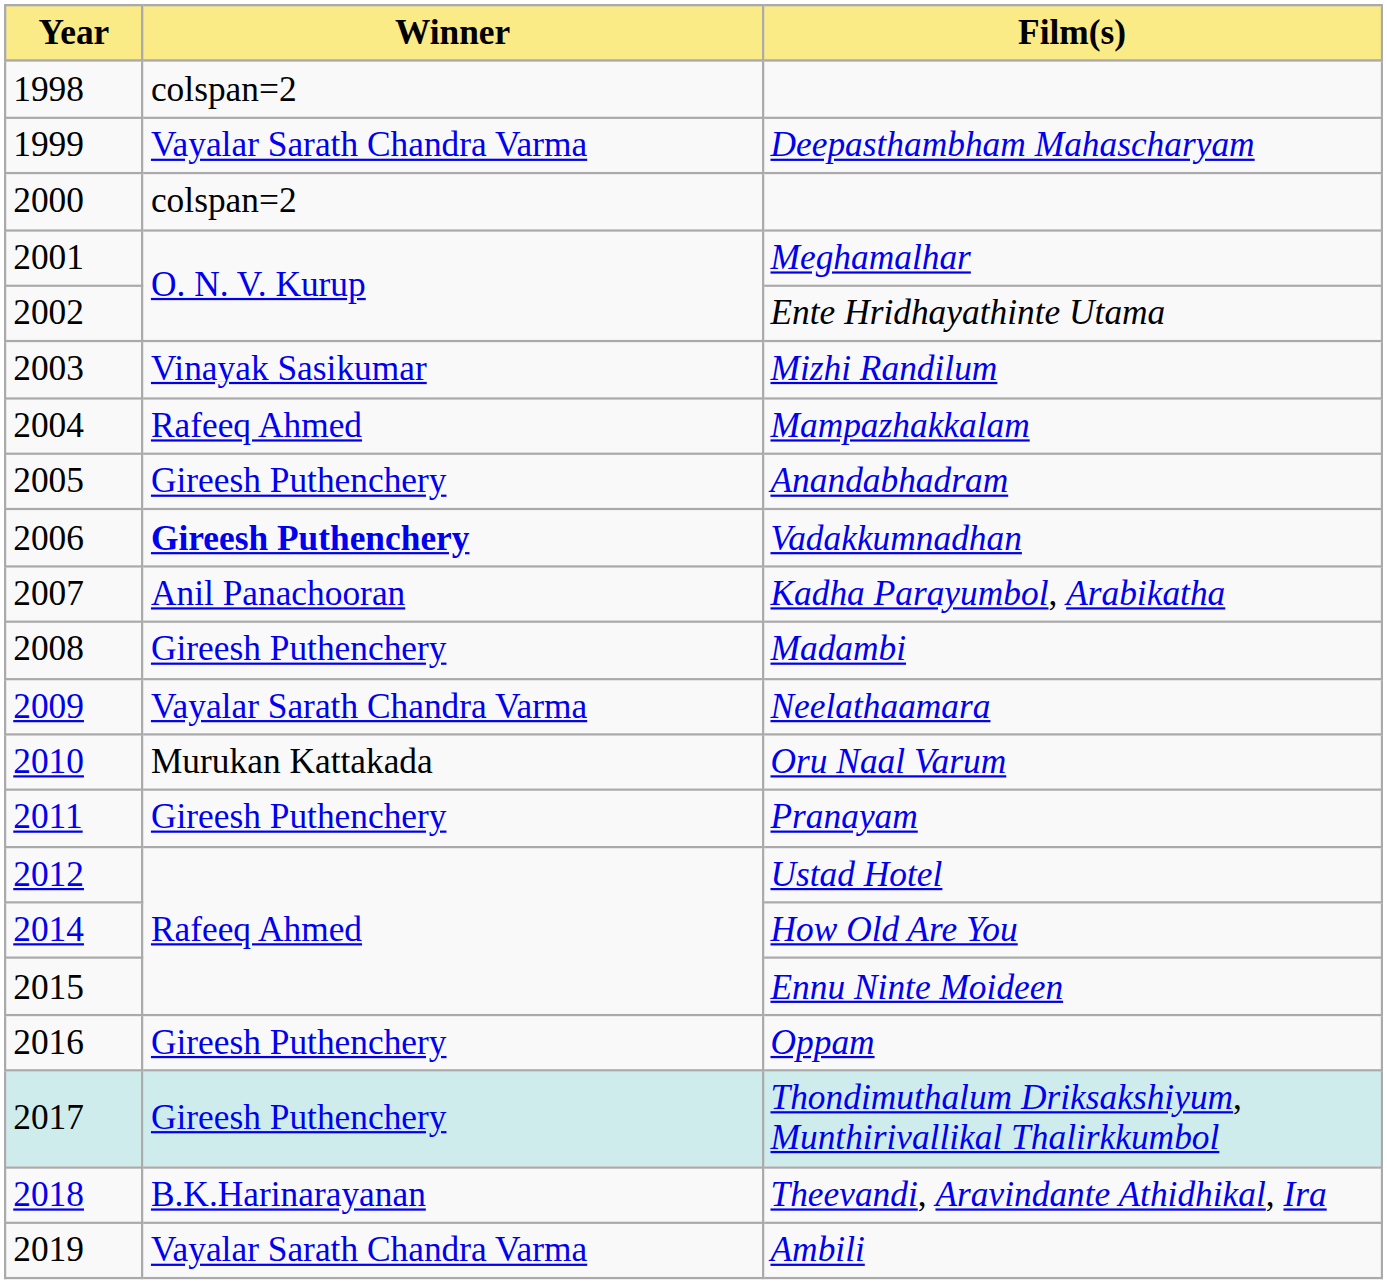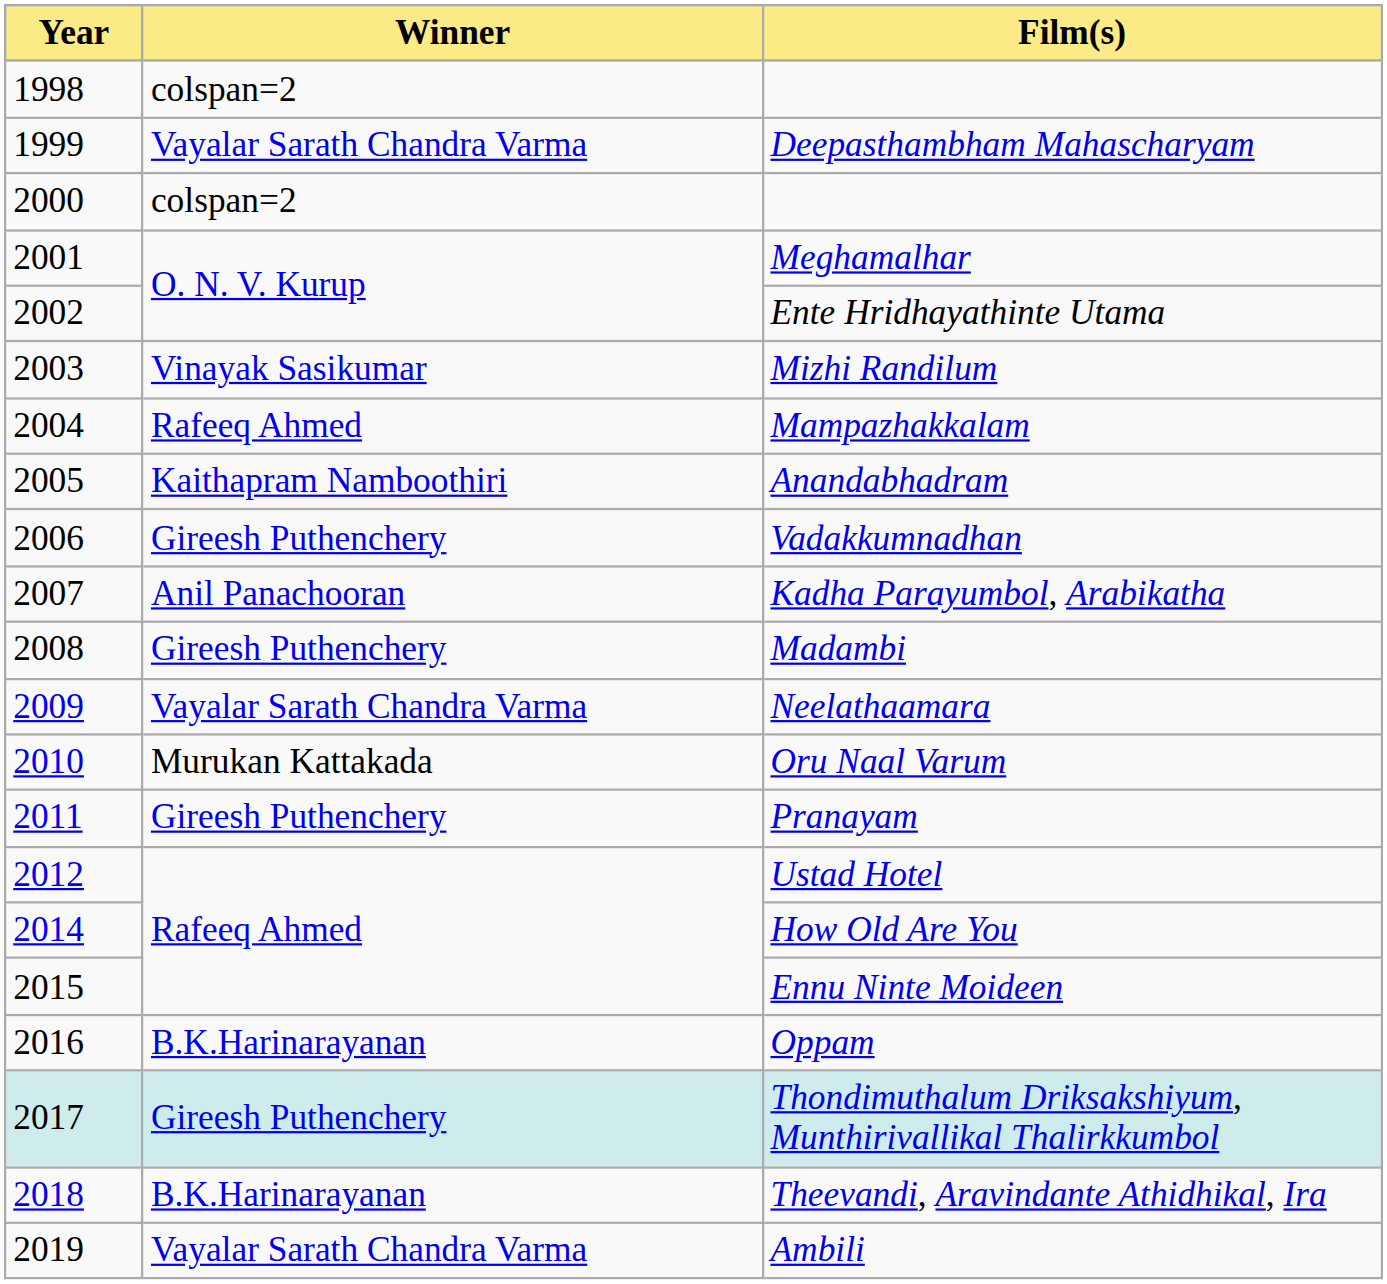 <table class="wikitable" style="width:100%">
 <tr bgcolor="#bebebe">
 <th width="10%" style="background:#FAEB86">Year</th>
 <th width="45%" style="background:#FAEB86">Winner</th>
 <th width="45%" style="background:#FAEB86">Film(s)</th>
 </tr>
 <tr>
 <td>1998</td>
 <td>colspan=2 </td>
 </tr>
 <tr>
 <td>1999</td>
 <td><a href='#'>Vayalar Sarath Chandra Varma</a></td>
 <td><em><a href='#'>Deepasthambham Mahascharyam</a></em></td>
 </tr>
 <tr>
 <td>2000</td>
 <td>colspan=2 </td>
 </tr>
 <tr>
 <td>2001</td>
 <td rowspan="2"><a href='#'>O. N. V. Kurup</a></td>
 <td><em><a href='#'>Meghamalhar</a></em></td>
 </tr>
 <tr>
 <td>2002</td>
 <td><em>Ente Hridhayathinte Utama</em></td>
 </tr>
 <tr>
 <td>2003</td>
 <td><a href='#'>Vinayak Sasikumar</a></td>
 <td><em><a href='#'>Mizhi Randilum</a></em></td>
 </tr>
 <tr>
 <td>2004</td>
 <td><a href='#'>Rafeeq Ahmed</a></td>
 <td><em><a href='#'>Mampazhakkalam</a></em></td>
 </tr>
 <tr>
 <td>2005</td>
-<td><a href='#'>Gireesh Puthenchery</a></td>
+<td><a href='#'>Kaithapram Namboothiri</a></td>
 <td><em><a href='#'>Anandabhadram</a></em></td>
 </tr>
 <tr>
 <td>2006</td>
-<td><strong><a href='#'>Gireesh Puthenchery</a></strong></td>
+<td><a href='#'>Gireesh Puthenchery</a></td>
 <td><em><a href='#'>Vadakkumnadhan</a></em></td>
 </tr>
 <tr>
 <td>2007</td>
 <td><a href='#'>Anil Panachooran</a></td>
 <td><em><a href='#'>Kadha Parayumbol</a></em>, <em><a href='#'>Arabikatha</a></em></td>
 </tr>
 <tr>
 <td>2008</td>
 <td><a href='#'>Gireesh Puthenchery</a></td>
 <td><em><a href='#'>Madambi</a></em></td>
 </tr>
 <tr>
 <td><a href='#'>2009</a></td>
 <td><a href='#'>Vayalar Sarath Chandra Varma</a></td>
 <td><em><a href='#'>Neelathaamara</a></em></td>
 </tr>
 <tr>
 <td><a href='#'>2010</a></td>
 <td>Murukan Kattakada</td>
 <td><em><a href='#'>Oru Naal Varum</a></em></td>
 </tr>
 <tr>
 <td><a href='#'>2011</a></td>
 <td><a href='#'>Gireesh Puthenchery</a></td>
 <td><em><a href='#'>Pranayam</a></em></td>
 </tr>
 <tr>
 <td><a href='#'>2012</a></td>
 <td rowspan="3"><a href='#'>Rafeeq Ahmed</a></td>
 <td><em><a href='#'>Ustad Hotel</a></em></td>
 </tr>
 <tr>
 <td><a href='#'>2014</a></td>
 <td><em><a href='#'>How Old Are You</a></em></td>
 </tr>
 <tr>
 <td>2015</td>
 <td><em><a href='#'>Ennu Ninte Moideen</a></em></td>
 </tr>
 <tr>
 <td>2016</td>
-<td><a href='#'>Gireesh Puthenchery</a></td>
+<td><a href='#'>B.K.Harinarayanan</a></td>
 <td><em><a href='#'>Oppam</a></em></td>
 </tr>
 <tr bgcolor="#cfecec">
 <td>2017</td>
 <td><a href='#'>Gireesh Puthenchery</a></td>
 <td><em><a href='#'>Thondimuthalum Driksakshiyum</a></em>, <em><a href='#'>Munthirivallikal Thalirkkumbol</a></em></td>
 </tr>
 <tr>
 <td><a href='#'>2018</a></td>
 <td><a href='#'>B.K.Harinarayanan</a></td>
 <td><em><a href='#'>Theevandi</a></em>, <em><a href='#'>Aravindante Athidhikal</a></em>, <em><a href='#'>Ira</a></em></td>
 </tr>
 <tr>
 <td>2019</td>
 <td><a href='#'>Vayalar Sarath Chandra Varma</a></td>
 <td><em><a href='#'>Ambili</a></em></td>
 </tr>
 </table>
